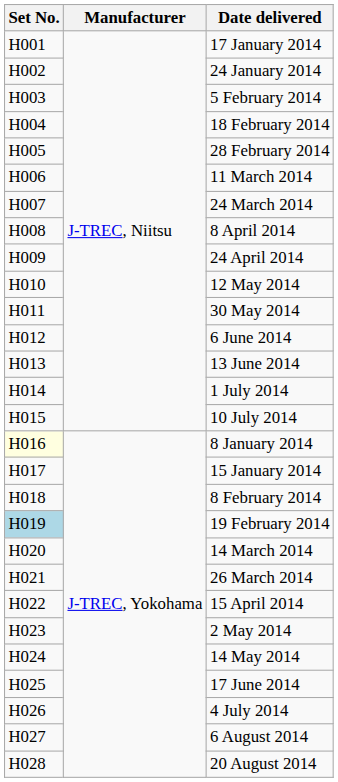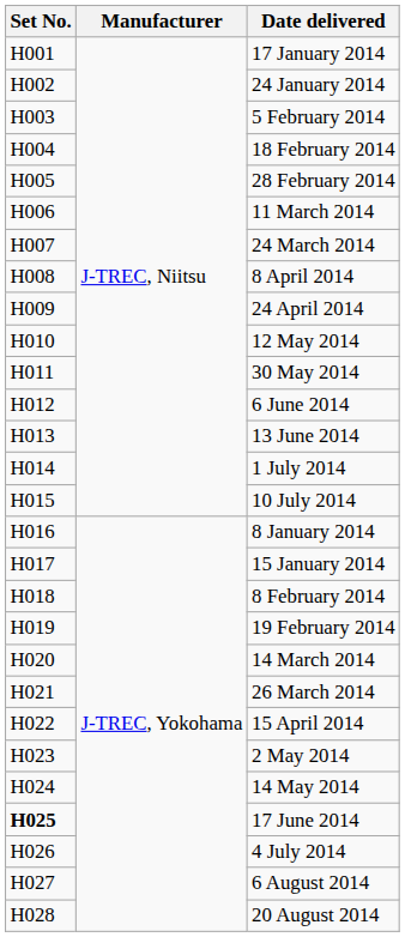 <table class="wikitable">
 <tr>
 <th>Set No.</th>
 <th>Manufacturer</th>
 <th>Date delivered</th>
 </tr>
 <tr>
 <td>H001</td>
 <td rowspan="15"><a href='#'>J-TREC</a>, Niitsu</td>
 <td>17 January 2014</td>
 </tr>
 <tr>
 <td>H002</td>
 <td>24 January 2014</td>
 </tr>
 <tr>
 <td>H003</td>
 <td>5 February 2014</td>
 </tr>
 <tr>
 <td>H004</td>
 <td>18 February 2014</td>
 </tr>
 <tr>
 <td>H005</td>
 <td>28 February 2014</td>
 </tr>
 <tr>
 <td>H006</td>
 <td>11 March 2014</td>
 </tr>
 <tr>
 <td>H007</td>
 <td>24 March 2014</td>
 </tr>
 <tr>
 <td>H008</td>
 <td>8 April 2014</td>
 </tr>
 <tr>
 <td>H009</td>
 <td>24 April 2014</td>
 </tr>
 <tr>
 <td>H010</td>
 <td>12 May 2014</td>
 </tr>
 <tr>
 <td>H011</td>
 <td>30 May 2014</td>
 </tr>
 <tr>
 <td>H012</td>
 <td>6 June 2014</td>
 </tr>
 <tr>
 <td>H013</td>
 <td>13 June 2014</td>
 </tr>
 <tr>
 <td>H014</td>
 <td>1 July 2014</td>
 </tr>
 <tr>
 <td>H015</td>
 <td>10 July 2014</td>
 </tr>
 <tr>
-<td style="background: lightyellow;">H016</td>
+<td>H016</td>
 <td rowspan="13"><a href='#'>J-TREC</a>, Yokohama</td>
 <td>8 January 2014</td>
 </tr>
 <tr>
 <td>H017</td>
 <td>15 January 2014</td>
 </tr>
 <tr>
 <td>H018</td>
 <td>8 February 2014</td>
 </tr>
 <tr>
-<td style="background: lightblue;">H019</td>
+<td>H019</td>
 <td>19 February 2014</td>
 </tr>
 <tr>
 <td>H020</td>
 <td>14 March 2014</td>
 </tr>
 <tr>
 <td>H021</td>
 <td>26 March 2014</td>
 </tr>
 <tr>
 <td>H022</td>
 <td>15 April 2014</td>
 </tr>
 <tr>
 <td>H023</td>
 <td>2 May 2014</td>
 </tr>
 <tr>
 <td>H024</td>
 <td>14 May 2014</td>
 </tr>
 <tr>
-<td>H025</td>
+<td><strong>H025</strong></td>
 <td>17 June 2014</td>
 </tr>
 <tr>
 <td>H026</td>
 <td>4 July 2014</td>
 </tr>
 <tr>
 <td>H027</td>
 <td>6 August 2014</td>
 </tr>
 <tr>
 <td>H028</td>
 <td>20 August 2014</td>
 </tr>
 </table>
